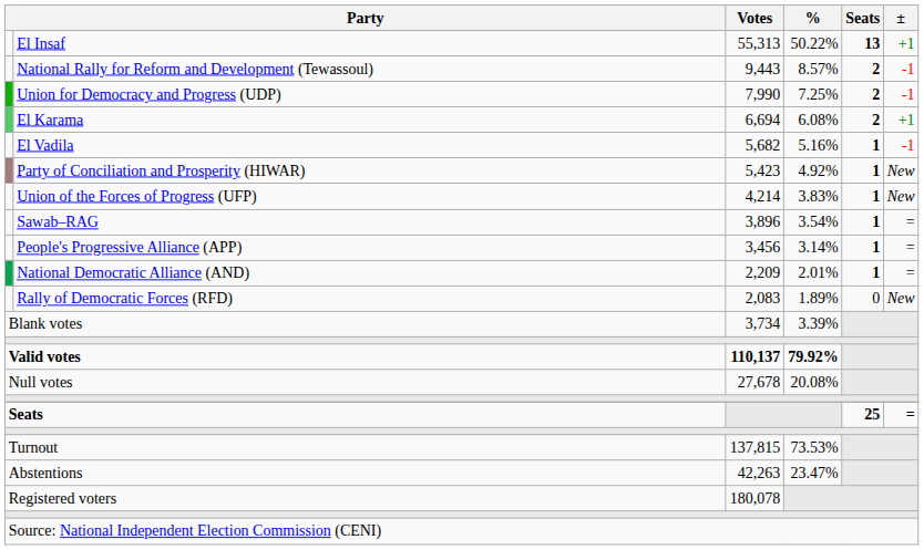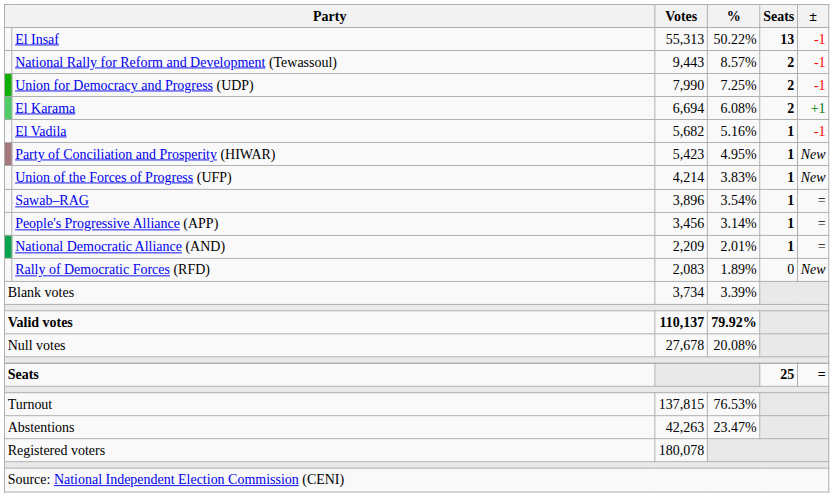 <table class="wikitable" style="text-align:right;font-size:95%;">
 <tr>
 <th width="700" colspan="2">Party</th>
 <th width="50">Votes</th>
 <th width="50">%</th>
 <th width="25">Seats</th>
 <th width="20">±</th>
 </tr>
 <tr>
 <td width="1" style="color:inherit;background:"></td>
 <td style="text-align:left;"><a href='#'>El Insaf</a></td>
 <td>55,313</td>
 <td>50.22%</td>
 <td><strong>13</strong></td>
-<td style="color:green;">+1</td>
+<td style="color:red;">-1</td>
 </tr>
 <tr>
 <td width="1" style="color:inherit;background:"></td>
 <td style="text-align:left;"><a href='#'>National Rally for Reform and Development</a> (Tewassoul)</td>
 <td>9,443</td>
 <td>8.57%</td>
 <td><strong>2</strong></td>
 <td style="color:red;">-1</td>
 </tr>
 <tr>
 <td width="1" style="color:inherit;background:#0FAF05;"></td>
 <td style="text-align:left;"><a href='#'>Union for Democracy and Progress</a> (UDP)</td>
 <td>7,990</td>
 <td>7.25%</td>
 <td><strong>2</strong></td>
 <td style="color:red;">-1</td>
 </tr>
 <tr>
 <td width="1" style="color:inherit;background:#4FCB68;"></td>
 <td style="text-align:left;"><a href='#'>El Karama</a></td>
 <td>6,694</td>
 <td>6.08%</td>
 <td><strong>2</strong></td>
 <td style="color:green;">+1</td>
 </tr>
 <tr>
 <td width="1" style="color:inherit;background:"></td>
 <td style="text-align:left;"><a href='#'>El Vadila</a></td>
 <td>5,682</td>
 <td>5.16%</td>
 <td><strong>1</strong></td>
 <td style="color:red;">-1</td>
 </tr>
 <tr>
 <td width="1" style="color:inherit;background:#A47A7E;"></td>
 <td style="text-align:left;"><a href='#'>Party of Conciliation and Prosperity</a> (HIWAR)</td>
 <td>5,423</td>
-<td>4.92%</td>
+<td>4.95%</td>
 <td><strong>1</strong></td>
 <td><em>New</em></td>
 </tr>
 <tr>
 <td width="1" style="color:inherit;background:"></td>
 <td style="text-align:left;"><a href='#'>Union of the Forces of Progress</a> (UFP)</td>
 <td>4,214</td>
 <td>3.83%</td>
 <td><strong>1</strong></td>
 <td><em>New</em></td>
 </tr>
 <tr>
 <td width="1" style="color:inherit;background:"></td>
 <td style="text-align:left;"><a href='#'>Sawab–RAG</a></td>
 <td>3,896</td>
 <td>3.54%</td>
 <td><strong>1</strong></td>
 <td>=</td>
 </tr>
 <tr>
 <td width="1" style="color:inherit;background:"></td>
 <td style="text-align:left;"><a href='#'>People's Progressive Alliance</a> (APP)</td>
 <td>3,456</td>
 <td>3.14%</td>
 <td><strong>1</strong></td>
 <td>=</td>
 </tr>
 <tr>
 <td width="1" style="color:inherit;background:#0AA450;"></td>
 <td style="text-align:left;"><a href='#'>National Democratic Alliance</a> (AND)</td>
 <td>2,209</td>
 <td>2.01%</td>
 <td><strong>1</strong></td>
 <td>=</td>
 </tr>
 <tr>
 <td width="1" style="color:inherit;background:"></td>
 <td style="text-align:left;"><a href='#'>Rally of Democratic Forces</a> (RFD)</td>
 <td>2,083</td>
 <td>1.89%</td>
 <td>0</td>
 <td><em>New</em></td>
 </tr>
 <tr>
 <td colspan="2" style="text-align:left;">Blank votes</td>
 <td>3,734</td>
 <td>3.39%</td>
 <td colspan="2" style="background:#E9E9E9;"></td>
 </tr>
 <tr>
 <td colspan="6" style="background:#E9E9E9;"></td>
 </tr>
 <tr style="font-weight:bold;">
 <td colspan="2" style="text-align:left;">Valid votes</td>
 <td>110,137</td>
 <td>79.92%</td>
 <td colspan="2" style="background:#E9E9E9;"></td>
 </tr>
 <tr>
 <td colspan="2" style="text-align:left;">Null votes</td>
 <td>27,678</td>
 <td>20.08%</td>
 <td colspan="2" style="background:#E9E9E9;"></td>
 </tr>
 <tr>
 <td colspan="6" style="background:#E9E9E9;"></td>
 </tr>
 <tr>
 </tr>
 <tr style="font-weight:bold;">
 <td colspan="2" style="text-align:left;">Seats</td>
 <td colspan="2" style="background:#E9E9E9;"></td>
 <td>25</td>
 <td>=</td>
 </tr>
 <tr>
 <td colspan="6" style="background:#E9E9E9;"></td>
 </tr>
 <tr>
 <td colspan="2" style="text-align:left;">Turnout</td>
 <td>137,815</td>
-<td>73.53%</td>
+<td>76.53%</td>
 <td colspan="2" style="background:#E9E9E9;"></td>
 </tr>
 <tr>
 <td colspan="2" style="text-align:left;">Abstentions</td>
 <td>42,263</td>
 <td>23.47%</td>
 <td colspan="2" style="background:#E9E9E9;"></td>
 </tr>
 <tr>
 <td colspan="2" style="text-align:left;">Registered voters</td>
 <td>180,078</td>
 <td colspan="3" style="background:#E9E9E9;"></td>
 </tr>
 <tr>
 <td colspan="6" style="background:#E9E9E9;"></td>
 </tr>
 <tr>
 <td colspan="6" style="text-align:left;">Source: <a href='#'>National Independent Election Commission</a> (CENI)</td>
 </tr>
 </table>
